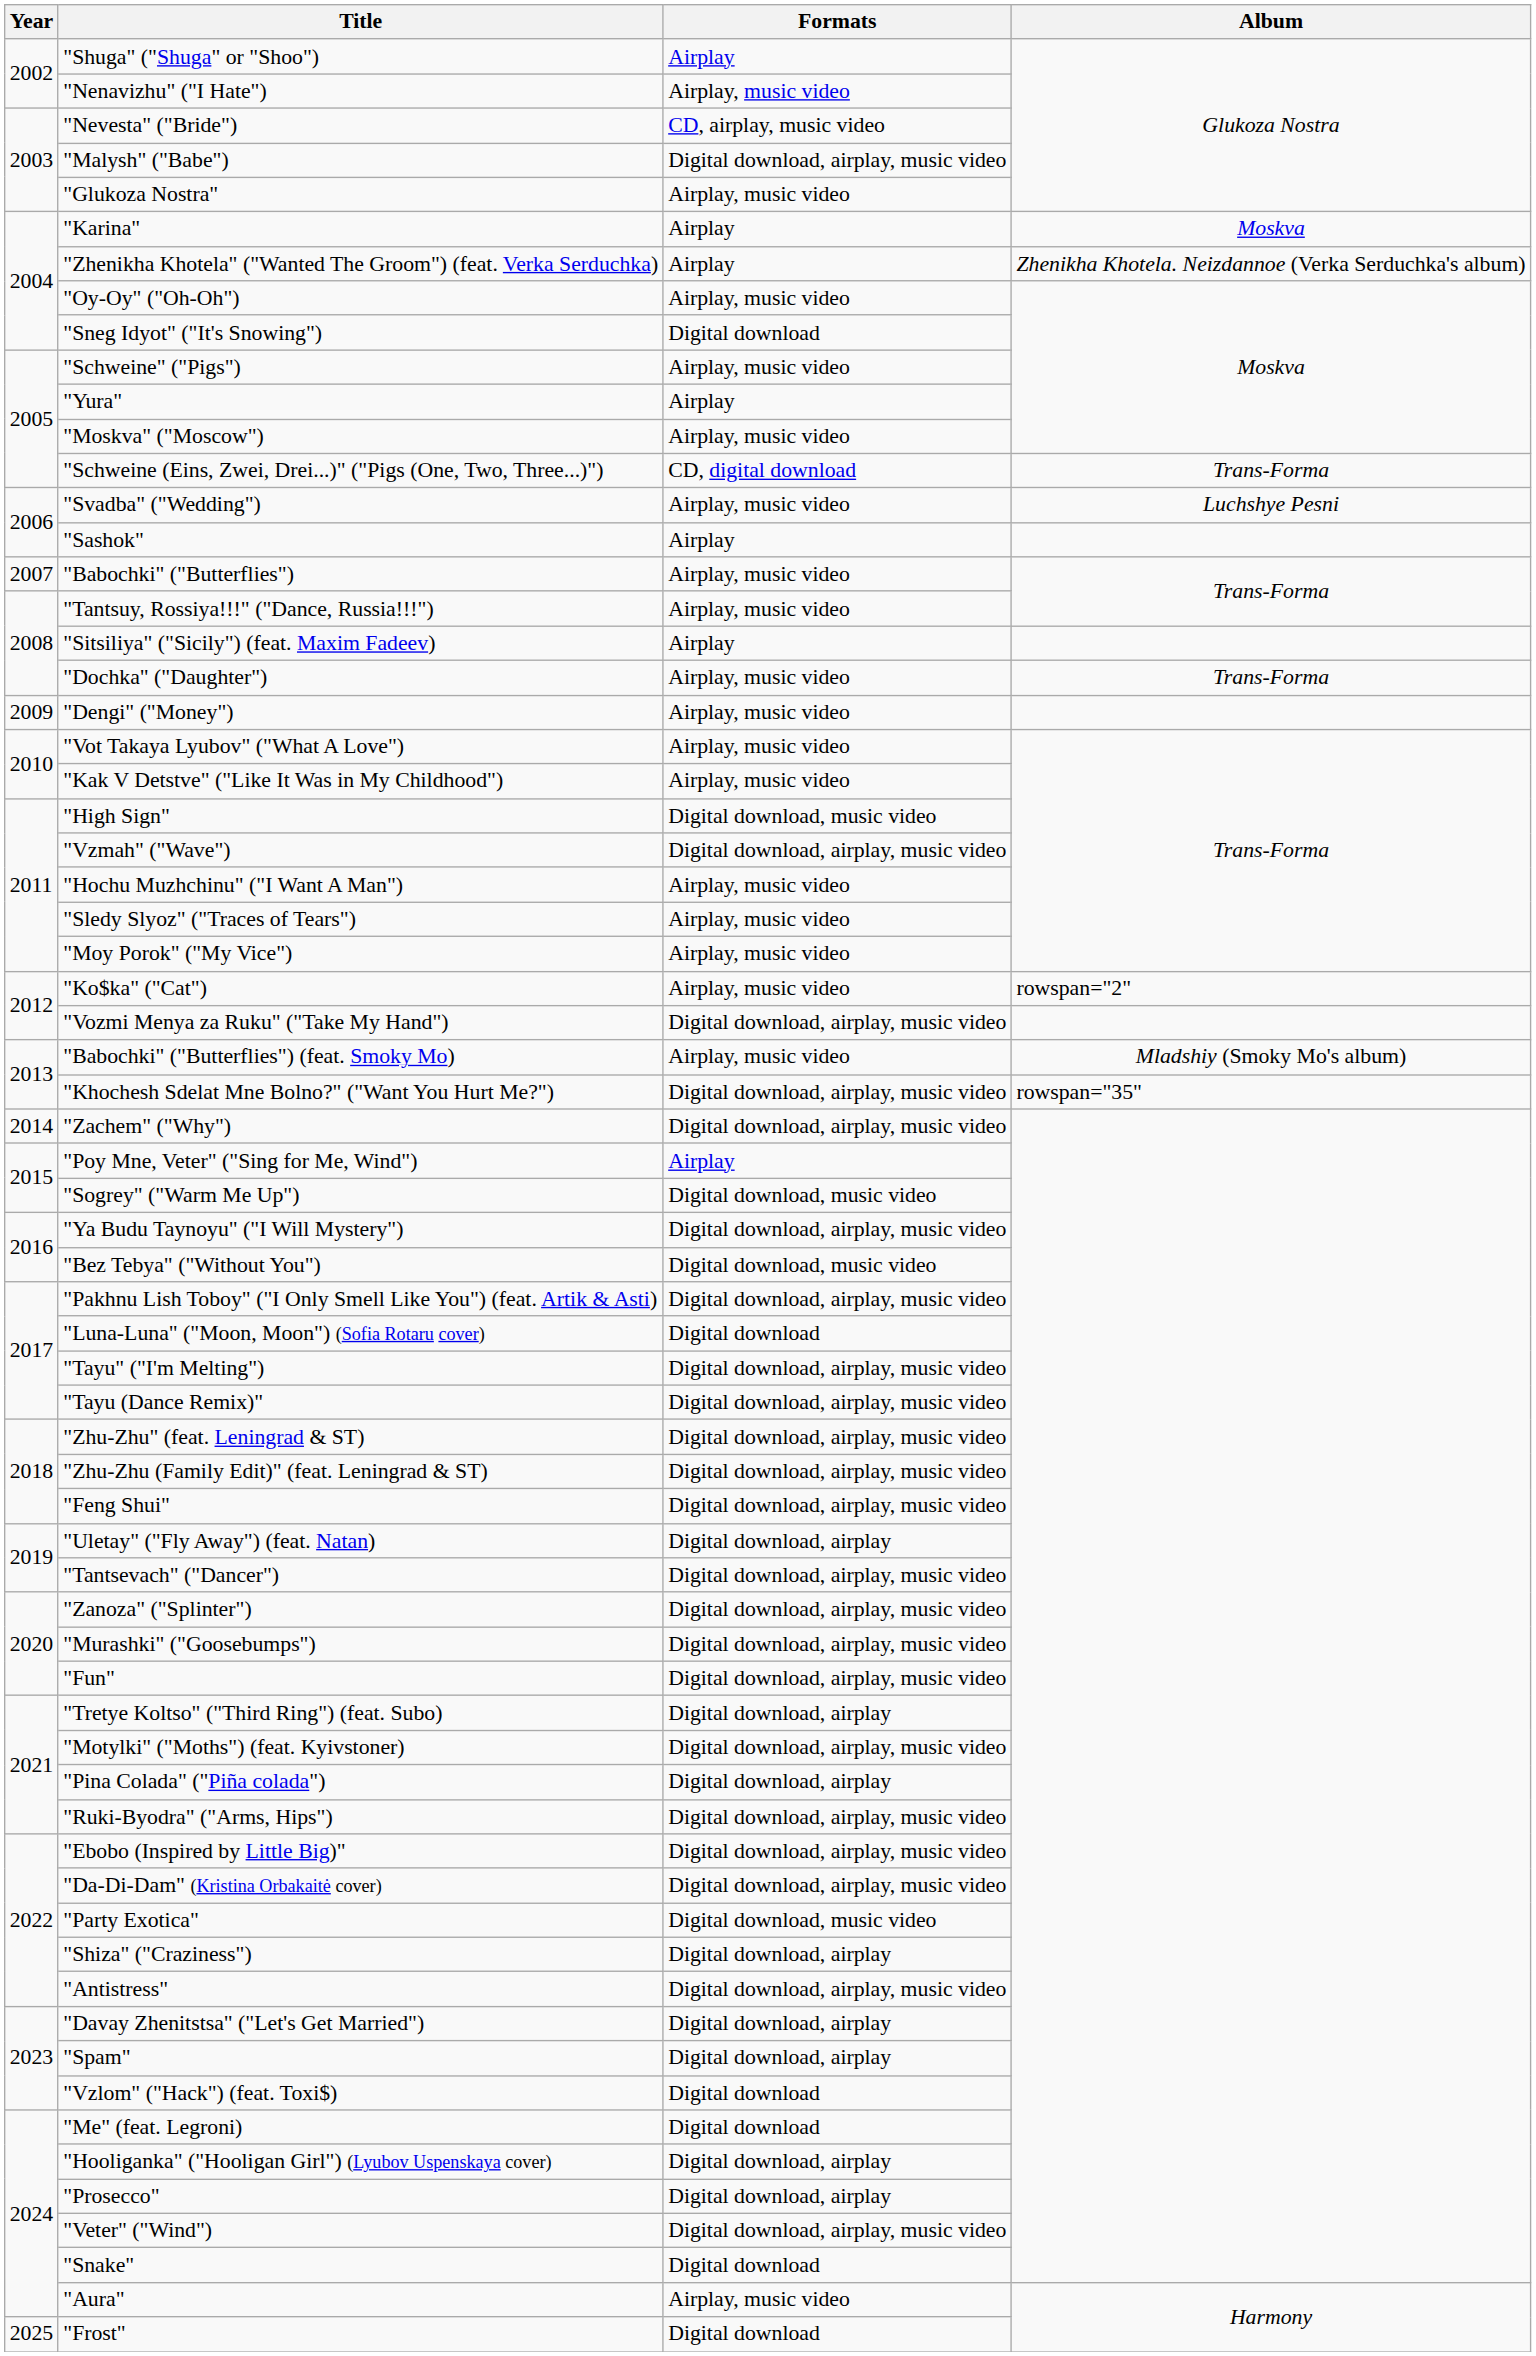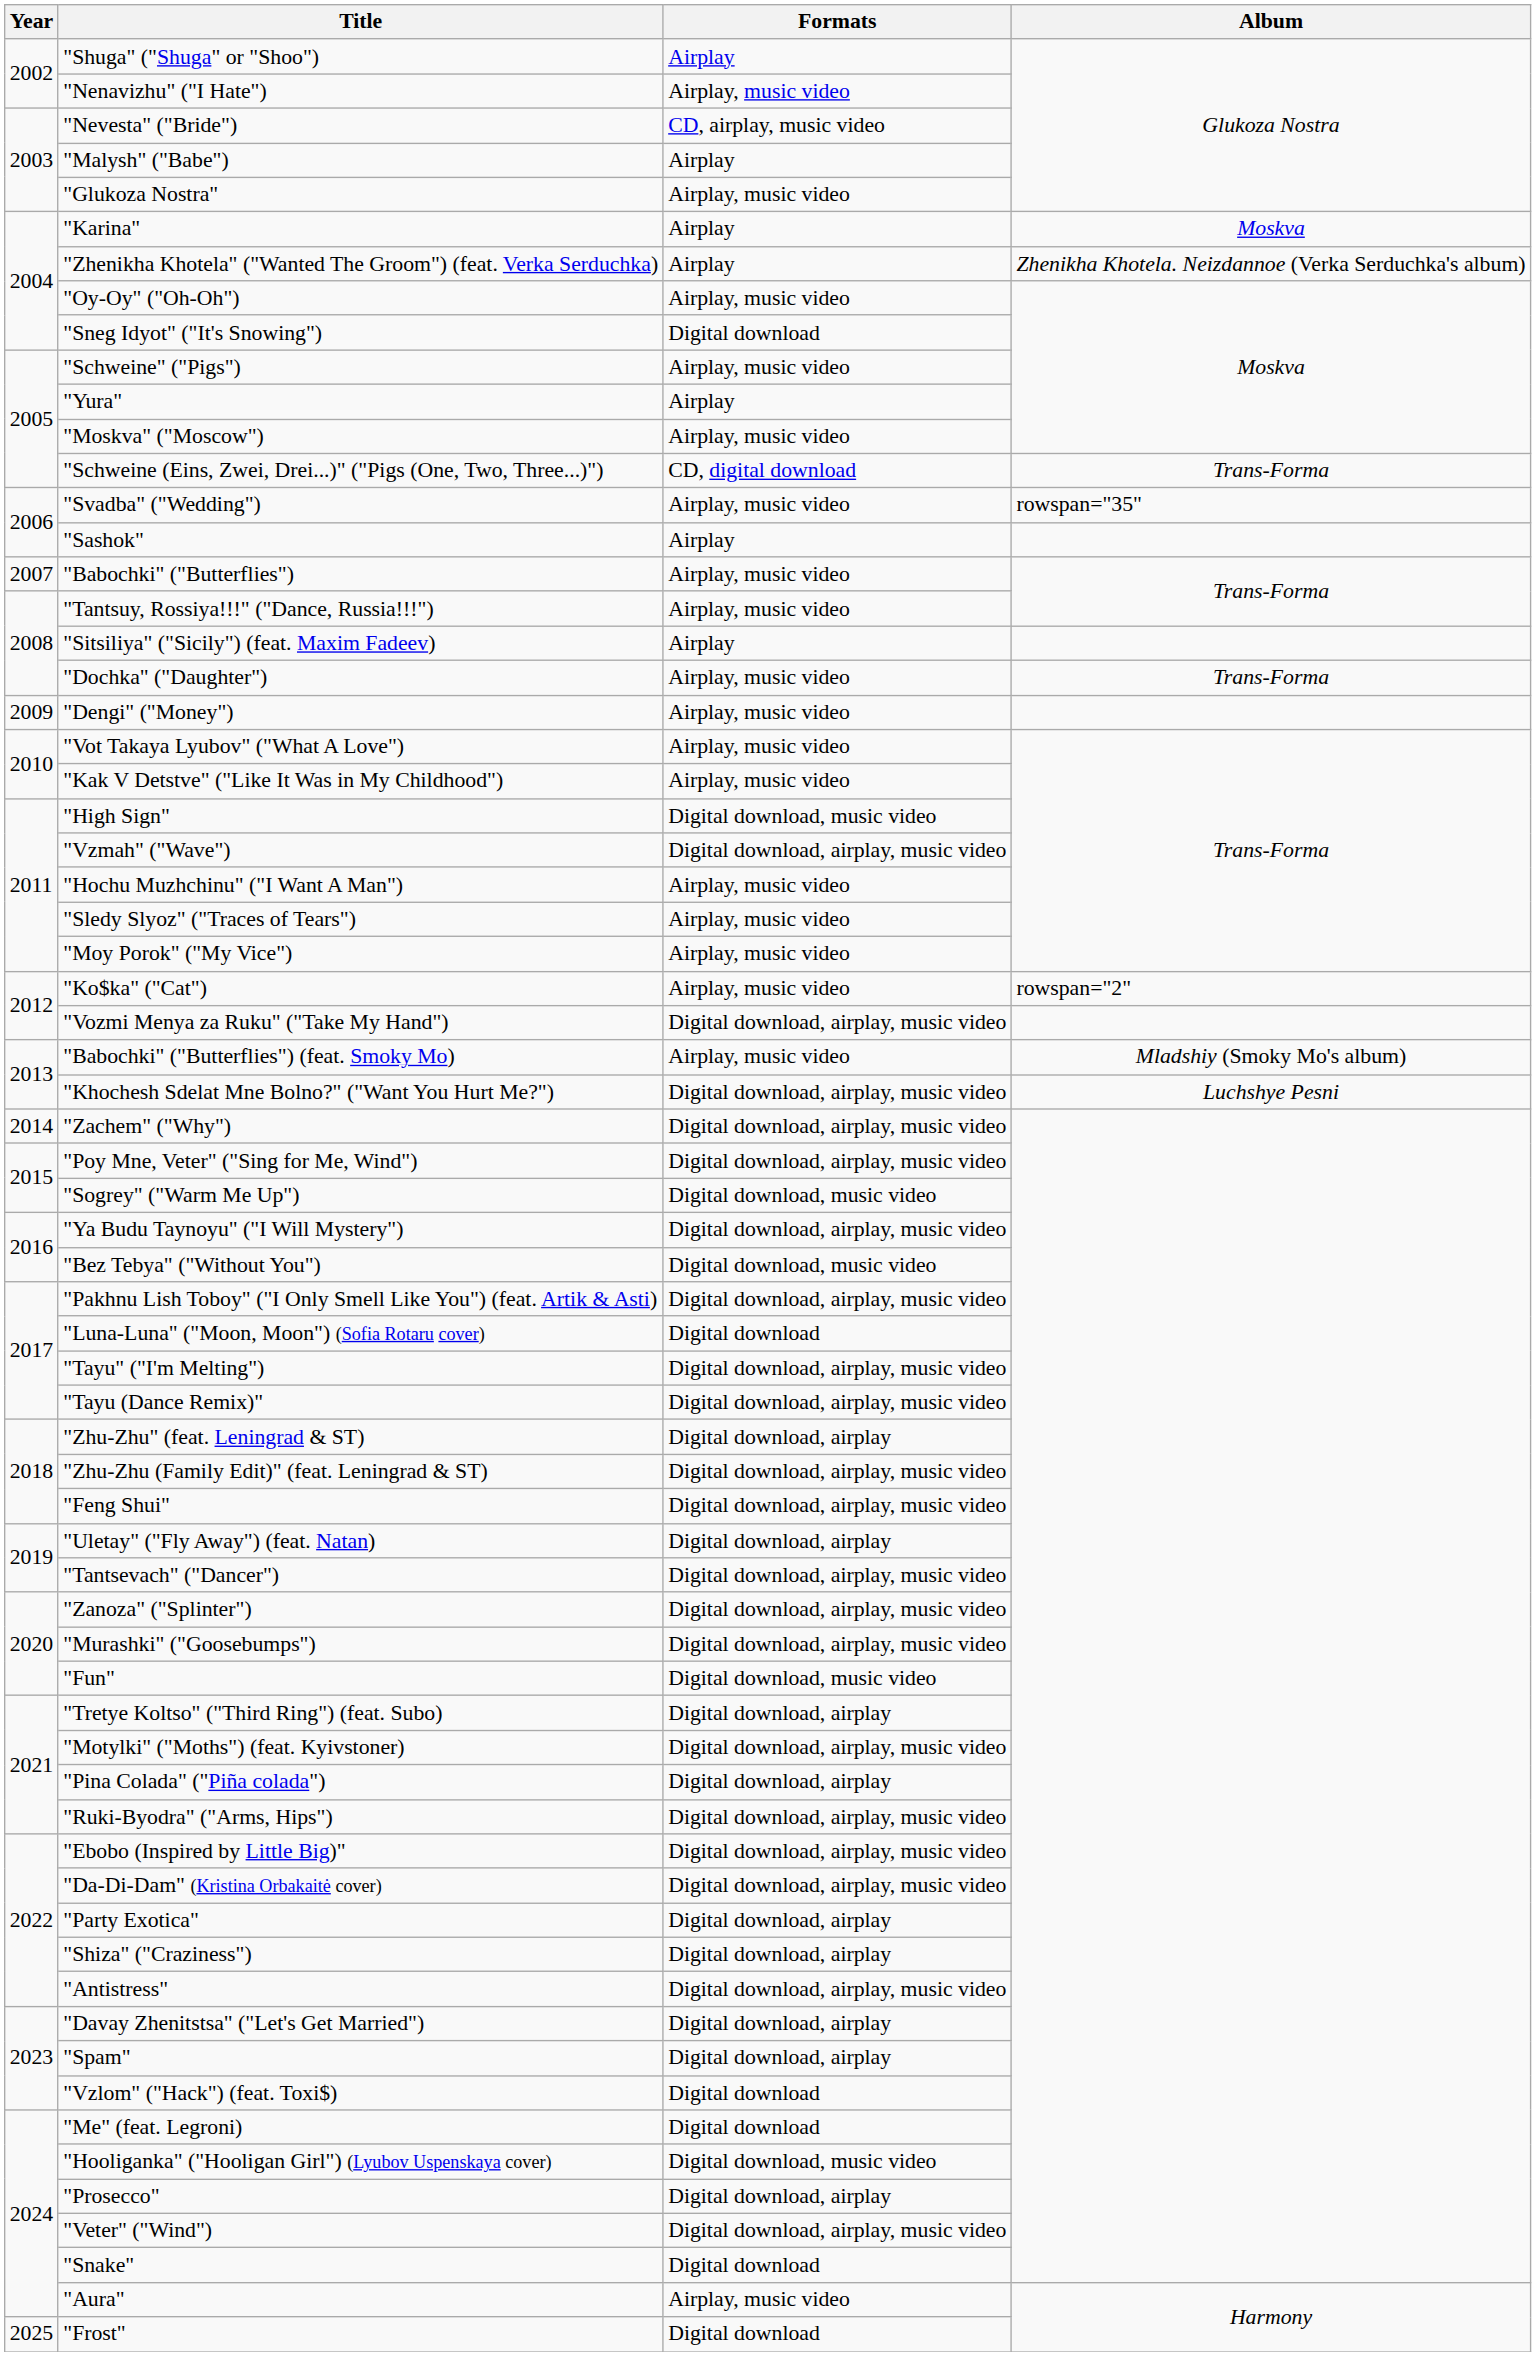 <table class="wikitable">
 <tr>
 <th align="center" valign="top">Year</th>
 <th align="left" valign="top">Title</th>
 <th align="left" valign="top">Formats</th>
 <th align="left" valign="top">Album</th>
 </tr>
 <tr>
 <td rowspan="2">2002</td>
 <td>"Shuga" ("<a href='#'>Shuga</a>" or "Shoo")</td>
 <td><a href='#'>Airplay</a></td>
 <td rowspan="5" align="center" valign="center"><em>Glukoza Nostra</em></td>
 </tr>
 <tr>
 <td>"Nenavizhu" ("I Hate")</td>
 <td>Airplay, <a href='#'>music video</a></td>
 </tr>
 <tr>
 <td rowspan="3">2003</td>
 <td>"Nevesta" ("Bride")</td>
 <td><a href='#'>CD</a>, airplay, music video</td>
 </tr>
 <tr>
 <td>"Malysh" ("Babe")</td>
-<td>Digital download, airplay, music video</td>
+<td>Airplay</td>
 </tr>
 <tr>
 <td>"Glukoza Nostra"</td>
 <td>Airplay, music video</td>
 </tr>
 <tr>
 <td rowspan="4">2004</td>
 <td>"Karina"</td>
 <td>Airplay</td>
 <td align="center" valign="center"><em><a href='#'>Moskva</a></em></td>
 </tr>
 <tr>
 <td>"Zhenikha Khotela" ("Wanted The Groom") (feat. <a href='#'>Verka Serduchka</a>)</td>
 <td>Airplay</td>
 <td align="center" valign="center"><em>Zhenikha Khotela. Neizdannoe</em> (Verka Serduchka's album)</td>
 </tr>
 <tr>
 <td>"Oy-Oy" ("Oh-Oh")</td>
 <td>Airplay, music video</td>
 <td rowspan="5" align="center" valign="center"><em>Moskva</em></td>
 </tr>
 <tr>
 <td>"Sneg Idyot" ("It's Snowing")</td>
 <td>Digital download</td>
 </tr>
 <tr>
 <td rowspan="4">2005</td>
 <td>"Schweine" ("Pigs")</td>
 <td>Airplay, music video</td>
 </tr>
 <tr>
 <td>"Yura"</td>
 <td>Airplay</td>
 </tr>
 <tr>
 <td>"Moskva" ("Moscow")</td>
 <td>Airplay, music video</td>
 </tr>
 <tr>
 <td>"Schweine (Eins, Zwei, Drei...)" ("Pigs (One, Two, Three...)")</td>
 <td>CD, <a href='#'>digital download</a></td>
 <td align="center" valign="center"><em>Trans-Forma</em></td>
 </tr>
 <tr>
 <td rowspan="2">2006</td>
 <td>"Svadba" ("Wedding")</td>
 <td>Airplay, music video</td>
-<td align="center" valign="center"><em>Luchshye Pesni</em></td>
+<td>rowspan="35" </td>
 </tr>
 <tr>
 <td>"Sashok"</td>
 <td>Airplay</td>
 <td></td>
 </tr>
 <tr>
 <td>2007</td>
 <td>"Babochki" ("Butterflies")</td>
 <td>Airplay, music video</td>
 <td rowspan="2" align="center" valign="center"><em>Trans-Forma</em></td>
 </tr>
 <tr>
 <td rowspan="3">2008</td>
 <td>"Tantsuy, Rossiya!!!" ("Dance, Russia!!!")</td>
 <td>Airplay, music video</td>
 </tr>
 <tr>
 <td>"Sitsiliya" ("Sicily") (feat. <a href='#'>Maxim Fadeev</a>)</td>
 <td>Airplay</td>
 <td></td>
 </tr>
 <tr>
 <td>"Dochka" ("Daughter")</td>
 <td>Airplay, music video</td>
 <td align="center" valign="center"><em>Trans-Forma</em></td>
 </tr>
 <tr>
 <td>2009</td>
 <td>"Dengi" ("Money")</td>
 <td>Airplay, music video</td>
 <td></td>
 </tr>
 <tr>
 <td rowspan="2">2010</td>
 <td>"Vot Takaya Lyubov" ("What A Love")</td>
 <td>Airplay, music video</td>
 <td rowspan="7" align="center" valign="center"><em>Trans-Forma</em></td>
 </tr>
 <tr>
 <td>"Kak V Detstve" ("Like It Was in My Childhood")</td>
 <td>Airplay, music video</td>
 </tr>
 <tr>
 <td rowspan="5">2011</td>
 <td>"High Sign"</td>
 <td>Digital download, music video</td>
 </tr>
 <tr>
 <td>"Vzmah" ("Wave")</td>
 <td>Digital download, airplay, music video</td>
 </tr>
 <tr>
 <td>"Hochu Muzhchinu" ("I Want A Man")</td>
 <td>Airplay, music video</td>
 </tr>
 <tr>
 <td>"Sledy Slyoz" ("Traces of Tears")</td>
 <td>Airplay, music video</td>
 </tr>
 <tr>
 <td>"Moy Porok" ("My Vice")</td>
 <td>Airplay, music video</td>
 </tr>
 <tr>
 <td rowspan="2">2012</td>
 <td>"Ko$ka" ("Cat")</td>
 <td>Airplay, music video</td>
 <td>rowspan="2" </td>
 </tr>
 <tr>
 <td>"Vozmi Menya za Ruku" ("Take My Hand")</td>
 <td>Digital download, airplay, music video</td>
 </tr>
 <tr>
 <td rowspan="2">2013</td>
 <td>"Babochki" ("Butterflies") (feat. <a href='#'>Smoky Mo</a>)</td>
 <td>Airplay, music video</td>
 <td align="center" valign="center"><em>Mladshiy</em> (Smoky Mo's album)</td>
 </tr>
 <tr>
 <td>"Khochesh Sdelat Mne Bolno?" ("Want You Hurt Me?")</td>
 <td>Digital download, airplay, music video</td>
-<td>rowspan="35" </td>
+<td align="center" valign="center"><em>Luchshye Pesni</em></td>
 </tr>
 <tr>
 <td>2014</td>
 <td>"Zachem" ("Why")</td>
 <td>Digital download, airplay, music video</td>
 </tr>
 <tr>
 <td rowspan="2">2015</td>
 <td>"Poy Mne, Veter" ("Sing for Me, Wind")</td>
-<td><a href='#'>Airplay</a></td>
+<td>Digital download, airplay, music video</td>
 </tr>
 <tr>
 <td>"Sogrey" ("Warm Me Up")</td>
 <td>Digital download, music video</td>
 </tr>
 <tr>
 <td rowspan="2">2016</td>
 <td>"Ya Budu Taynoyu" ("I Will Mystery")</td>
 <td>Digital download, airplay, music video</td>
 </tr>
 <tr>
 <td>"Bez Tebya" ("Without You")</td>
 <td>Digital download, music video</td>
 </tr>
 <tr>
 <td rowspan="4">2017</td>
 <td>"Pakhnu Lish Toboy" ("I Only Smell Like You") (feat. <a href='#'>Artik & Asti</a>)</td>
 <td>Digital download, airplay, music video</td>
 </tr>
 <tr>
 <td>"Luna-Luna" ("Moon, Moon") <small>(<a href='#'>Sofia Rotaru</a> <a href='#'>cover</a>)</small></td>
 <td>Digital download</td>
 </tr>
 <tr>
 <td>"Tayu" ("I'm Melting")</td>
 <td>Digital download, airplay, music video</td>
 </tr>
 <tr>
 <td>"Tayu (Dance Remix)"</td>
 <td>Digital download, airplay, music video</td>
 </tr>
 <tr>
 <td rowspan="3">2018</td>
 <td>"Zhu-Zhu" (feat. <a href='#'>Leningrad</a> & ST)</td>
-<td>Digital download, airplay, music video</td>
+<td>Digital download, airplay</td>
 </tr>
 <tr>
 <td>"Zhu-Zhu (Family Edit)" (feat. Leningrad & ST)</td>
 <td>Digital download, airplay, music video</td>
 </tr>
 <tr>
 <td>"Feng Shui"</td>
 <td>Digital download, airplay, music video</td>
 </tr>
 <tr>
 <td rowspan="2">2019</td>
 <td>"Uletay" ("Fly Away") (feat. <a href='#'>Natan</a>)</td>
 <td>Digital download, airplay</td>
 </tr>
 <tr>
 <td>"Tantsevach" ("Dancer")</td>
 <td>Digital download, airplay, music video</td>
 </tr>
 <tr>
 <td rowspan="3">2020</td>
 <td>"Zanoza" ("Splinter")</td>
 <td>Digital download, airplay, music video</td>
 </tr>
 <tr>
 <td>"Murashki" ("Goosebumps")</td>
 <td>Digital download, airplay, music video</td>
 </tr>
 <tr>
 <td>"Fun"</td>
-<td>Digital download, airplay, music video</td>
+<td>Digital download, music video</td>
 </tr>
 <tr>
 <td rowspan="4">2021</td>
 <td>"Tretye Koltso" ("Third Ring") (feat. Subo)</td>
 <td>Digital download, airplay</td>
 </tr>
 <tr>
 <td>"Motylki" ("Moths") (feat. Kyivstoner)</td>
 <td>Digital download, airplay, music video</td>
 </tr>
 <tr>
 <td>"Pina Colada" ("<a href='#'>Piña colada</a>")</td>
 <td>Digital download, airplay</td>
 </tr>
 <tr>
 <td>"Ruki-Byodra" ("Arms, Hips")</td>
 <td>Digital download, airplay, music video</td>
 </tr>
 <tr>
 <td rowspan="5">2022</td>
 <td>"Ebobo (Inspired by <a href='#'>Little Big</a>)"</td>
 <td>Digital download, airplay, music video</td>
 </tr>
 <tr>
 <td>"Da-Di-Dam" <small>(<a href='#'>Kristina Orbakaitė</a> cover)</small></td>
 <td>Digital download, airplay, music video</td>
 </tr>
 <tr>
 <td>"Party Exotica"</td>
-<td>Digital download, music video</td>
+<td>Digital download, airplay</td>
 </tr>
 <tr>
 <td>"Shiza" ("Craziness")</td>
 <td>Digital download, airplay</td>
 </tr>
 <tr>
 <td>"Antistress"</td>
 <td>Digital download, airplay, music video</td>
 </tr>
 <tr>
 <td rowspan="3">2023</td>
 <td>"Davay Zhenitstsa" ("Let's Get Married")</td>
 <td>Digital download, airplay</td>
 </tr>
 <tr>
 <td>"Spam"</td>
 <td>Digital download, airplay</td>
 </tr>
 <tr>
 <td>"Vzlom" ("Hack") (feat. Toxi$)</td>
 <td>Digital download</td>
 </tr>
 <tr>
 <td rowspan="6">2024</td>
 <td>"Me" (feat. Legroni)</td>
 <td>Digital download</td>
 </tr>
 <tr>
 <td>"Hooliganka" ("Hooligan Girl") <small>(<a href='#'>Lyubov Uspenskaya</a> cover)</small></td>
-<td>Digital download, airplay</td>
+<td>Digital download, music video</td>
 </tr>
 <tr>
 <td>"Prosecco"</td>
 <td>Digital download, airplay</td>
 </tr>
 <tr>
 <td>"Veter" ("Wind")</td>
 <td>Digital download, airplay, music video</td>
 </tr>
 <tr>
 <td>"Snake"</td>
 <td>Digital download</td>
 </tr>
 <tr>
 <td>"Aura"</td>
 <td>Airplay, music video</td>
 <td rowspan="2" align="center" valign="center"><em>Harmony</em></td>
 </tr>
 <tr>
 <td>2025</td>
 <td>"Frost"</td>
 <td>Digital download</td>
 </tr>
 </table>
